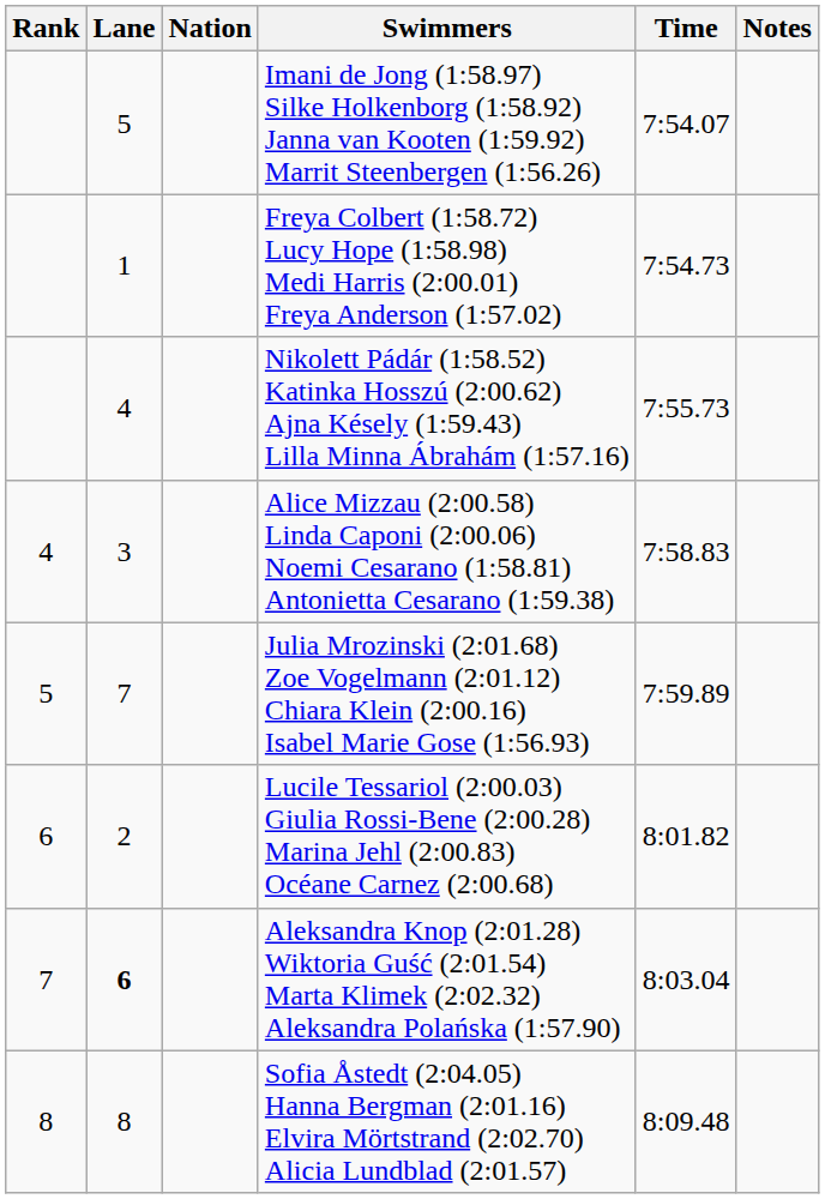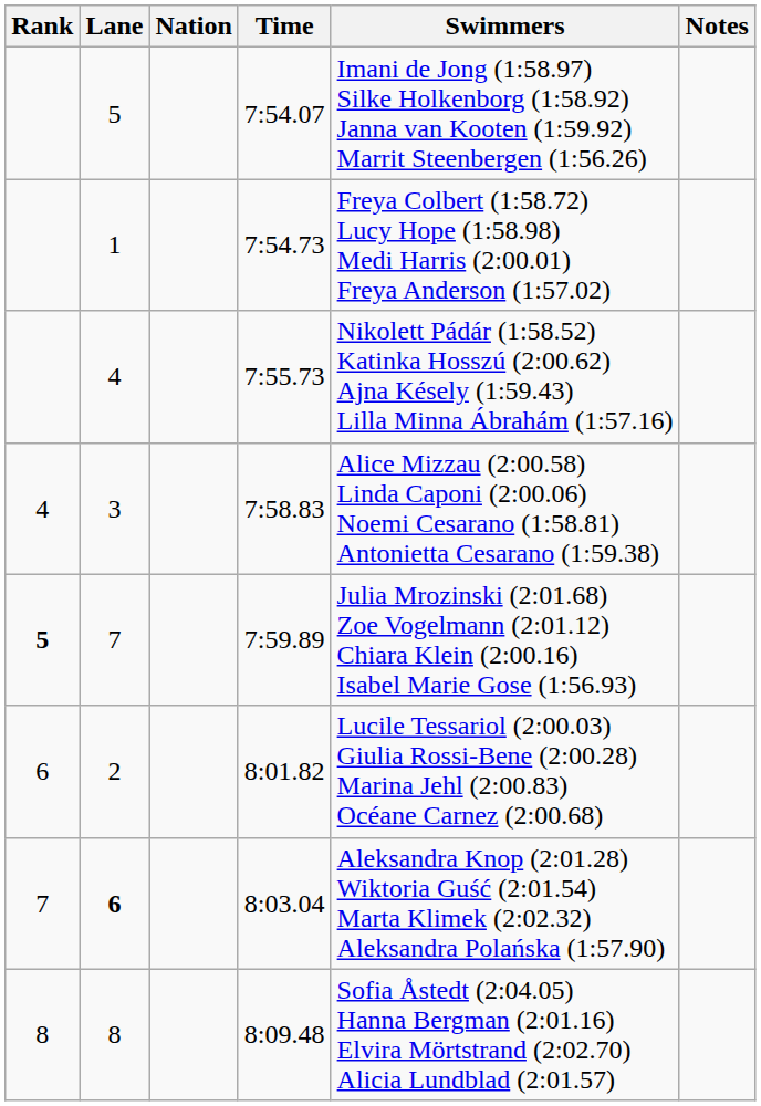 <table class="wikitable sortable" style="text-align:center">
 <tr>
 <th>Rank</th>
 <th>Lane</th>
 <th>Nation</th>
+<th>Time</th>
 <th>Swimmers</th>
-<th>Time</th>
 <th>Notes</th>
 </tr>
 <tr>
 <td></td>
 <td>5</td>
 <td align=left></td>
+<td>7:54.07</td>
 <td align=left><a href='#'>Imani de Jong</a> (1:58.97)<br><a href='#'>Silke Holkenborg</a> (1:58.92)<br><a href='#'>Janna van Kooten</a> (1:59.92)<br><a href='#'>Marrit Steenbergen</a> (1:56.26)</td>
-<td>7:54.07</td>
 <td></td>
 </tr>
 <tr>
 <td></td>
 <td>1</td>
 <td align=left></td>
+<td>7:54.73</td>
 <td align=left><a href='#'>Freya Colbert</a> (1:58.72)<br><a href='#'>Lucy Hope</a> (1:58.98)<br><a href='#'>Medi Harris</a> (2:00.01)<br><a href='#'>Freya Anderson</a> (1:57.02)</td>
-<td>7:54.73</td>
 <td></td>
 </tr>
 <tr>
 <td></td>
 <td>4</td>
 <td align=left></td>
+<td>7:55.73</td>
 <td align=left><a href='#'>Nikolett Pádár</a> (1:58.52)<br><a href='#'>Katinka Hosszú</a> (2:00.62)<br><a href='#'>Ajna Késely</a> (1:59.43)<br><a href='#'>Lilla Minna Ábrahám</a> (1:57.16)</td>
-<td>7:55.73</td>
 <td></td>
 </tr>
 <tr>
 <td>4</td>
 <td>3</td>
 <td align=left></td>
+<td>7:58.83</td>
 <td align=left><a href='#'>Alice Mizzau</a> (2:00.58)<br><a href='#'>Linda Caponi</a> (2:00.06)<br><a href='#'>Noemi Cesarano</a> (1:58.81)<br><a href='#'>Antonietta Cesarano</a> (1:59.38)</td>
-<td>7:58.83</td>
 <td></td>
 </tr>
 <tr>
-<td>5</td>
+<td><strong>5</strong></td>
 <td>7</td>
 <td align=left></td>
+<td>7:59.89</td>
 <td align=left><a href='#'>Julia Mrozinski</a> (2:01.68)<br><a href='#'>Zoe Vogelmann</a> (2:01.12)<br><a href='#'>Chiara Klein</a> (2:00.16)<br><a href='#'>Isabel Marie Gose</a> (1:56.93)</td>
-<td>7:59.89</td>
 <td></td>
 </tr>
 <tr>
 <td>6</td>
 <td>2</td>
 <td align=left></td>
+<td>8:01.82</td>
 <td align=left><a href='#'>Lucile Tessariol</a> (2:00.03)<br><a href='#'>Giulia Rossi-Bene</a> (2:00.28)<br><a href='#'>Marina Jehl</a> (2:00.83)<br><a href='#'>Océane Carnez</a> (2:00.68)</td>
-<td>8:01.82</td>
 <td></td>
 </tr>
 <tr>
 <td>7</td>
 <td><strong>6</strong></td>
 <td align=left></td>
+<td>8:03.04</td>
 <td align=left><a href='#'>Aleksandra Knop</a> (2:01.28)<br><a href='#'>Wiktoria Guść</a> (2:01.54)<br><a href='#'>Marta Klimek</a> (2:02.32)<br><a href='#'>Aleksandra Polańska</a> (1:57.90)</td>
-<td>8:03.04</td>
 <td></td>
 </tr>
 <tr>
 <td>8</td>
 <td>8</td>
 <td align=left></td>
+<td>8:09.48</td>
 <td align=left><a href='#'>Sofia Åstedt</a> (2:04.05)<br><a href='#'>Hanna Bergman</a> (2:01.16)<br><a href='#'>Elvira Mörtstrand</a> (2:02.70)<br><a href='#'>Alicia Lundblad</a> (2:01.57)</td>
-<td>8:09.48</td>
 <td></td>
 </tr>
 </table>
